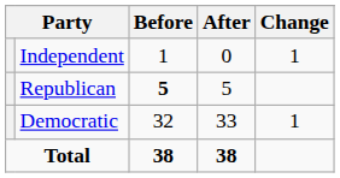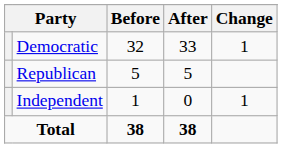 <table class="wikitable" style="text-align:center;">
 <tr>
 </tr>
 <tr>
 <th colspan=2>Party</th>
 <th>Before</th>
 <th>After</th>
 <th>Change</th>
 </tr>
 <tr>
 <th style="background-color:"></th>
-<td style="text-align:left;"><a href='#'>Independent</a></td>
-<td>1</td>
-<td>0</td>
+<td style="text-align:left;"><a href='#'>Democratic</a></td>
+<td>32</td>
+<td>33</td>
 <td> 1</td>
 </tr>
 <tr>
 <th style="background-color:"></th>
 <td style="text-align:left;"><a href='#'>Republican</a></td>
-<td><strong>5</strong></td>
+<td>5</td>
 <td>5</td>
 <td></td>
 </tr>
 <tr>
 <th style="background-color:"></th>
-<td style="text-align:left;"><a href='#'>Democratic</a></td>
-<td>32</td>
-<td>33</td>
+<td style="text-align:left;"><a href='#'>Independent</a></td>
+<td>1</td>
+<td>0</td>
 <td> 1</td>
 </tr>
 <tr>
 <td colspan=2><strong>Total</strong></td>
 <td><strong>38</strong></td>
 <td><strong>38</strong></td>
 <td></td>
 </tr>
 </table>
